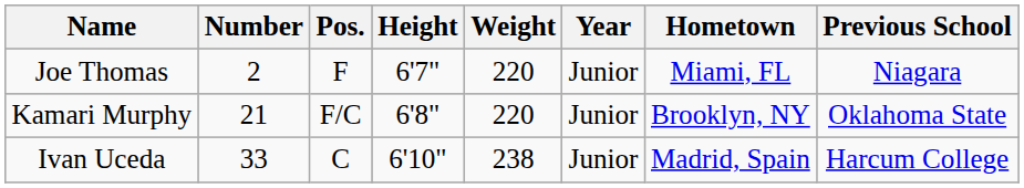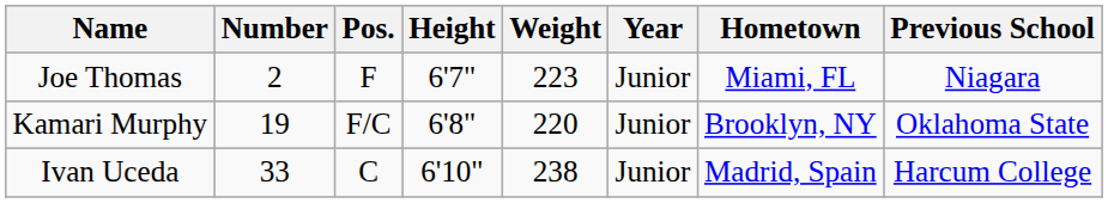 <table class="wikitable sortable" border="1" style="text-align:center;">
 <tr align=center>
 <th>Name</th>
 <th>Number</th>
 <th>Pos.</th>
 <th>Height</th>
 <th>Weight</th>
 <th>Year</th>
 <th>Hometown</th>
 <th>Previous School</th>
 </tr>
 <tr>
 <td sortname>Joe Thomas</td>
 <td>2</td>
 <td>F</td>
 <td>6'7"</td>
-<td>220</td>
+<td>223</td>
 <td>Junior</td>
 <td><a href='#'>Miami, FL</a></td>
 <td><a href='#'>Niagara</a></td>
 </tr>
 <tr>
 <td sortname>Kamari Murphy</td>
-<td>21</td>
+<td>19</td>
 <td>F/C</td>
 <td>6'8"</td>
 <td>220</td>
 <td>Junior</td>
 <td><a href='#'>Brooklyn, NY</a></td>
 <td><a href='#'>Oklahoma State</a></td>
 </tr>
 <tr>
 <td sortname>Ivan Uceda</td>
 <td>33</td>
 <td>C</td>
 <td>6'10"</td>
 <td>238</td>
 <td>Junior</td>
 <td><a href='#'>Madrid, Spain</a></td>
 <td><a href='#'>Harcum College</a></td>
 </tr>
 </table>
